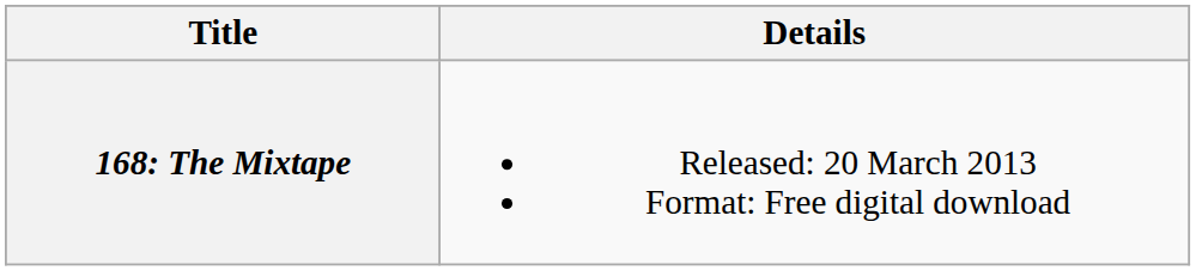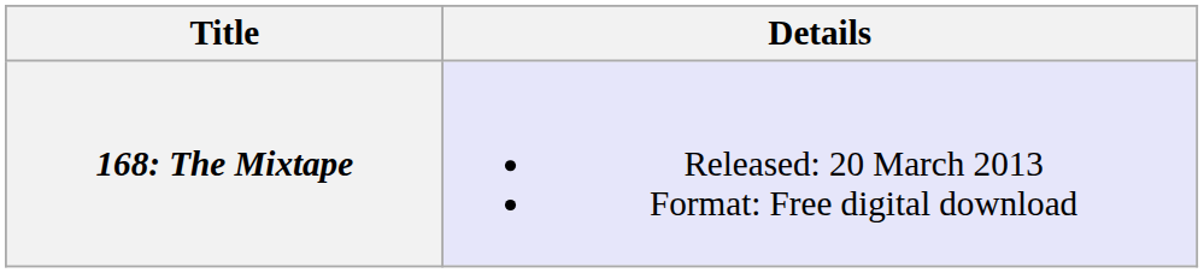 <table class="wikitable plainrowheaders" style="text-align:center;">
 <tr>
 <th scope="col" style="width:12em;">Title</th>
 <th scope="col" style="width:21em;">Details</th>
 </tr>
 <tr>
 <th scope="row"><em>168: The Mixtape</em></th>
-<td><br><ul><li>Released: 20 March 2013</li><li>Format: Free digital download</li></ul></td>
+<td style="background: lavender;"><br><ul><li>Released: 20 March 2013</li><li>Format: Free digital download</li></ul></td>
 </tr>
 </table>
